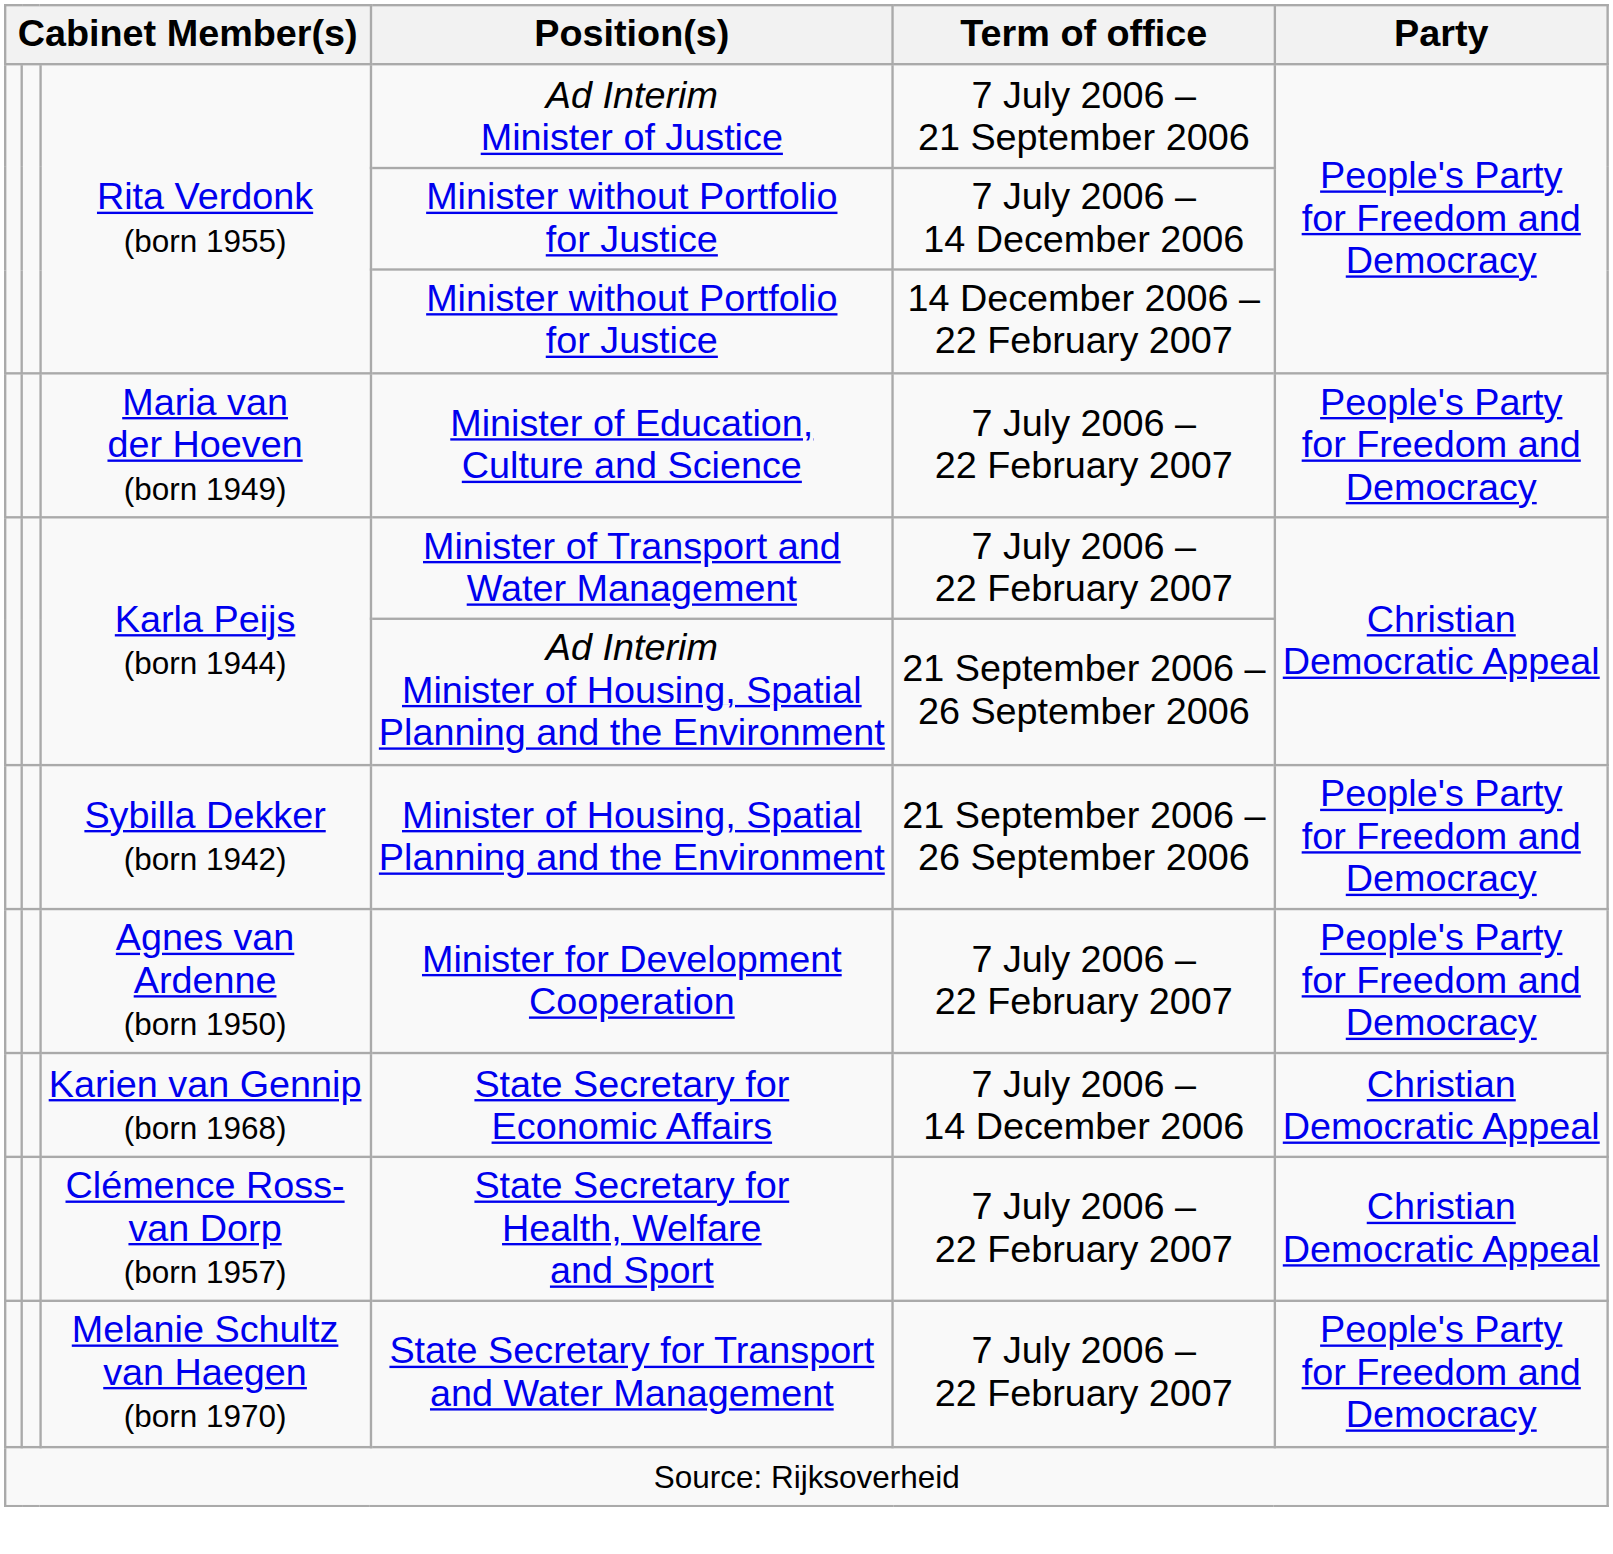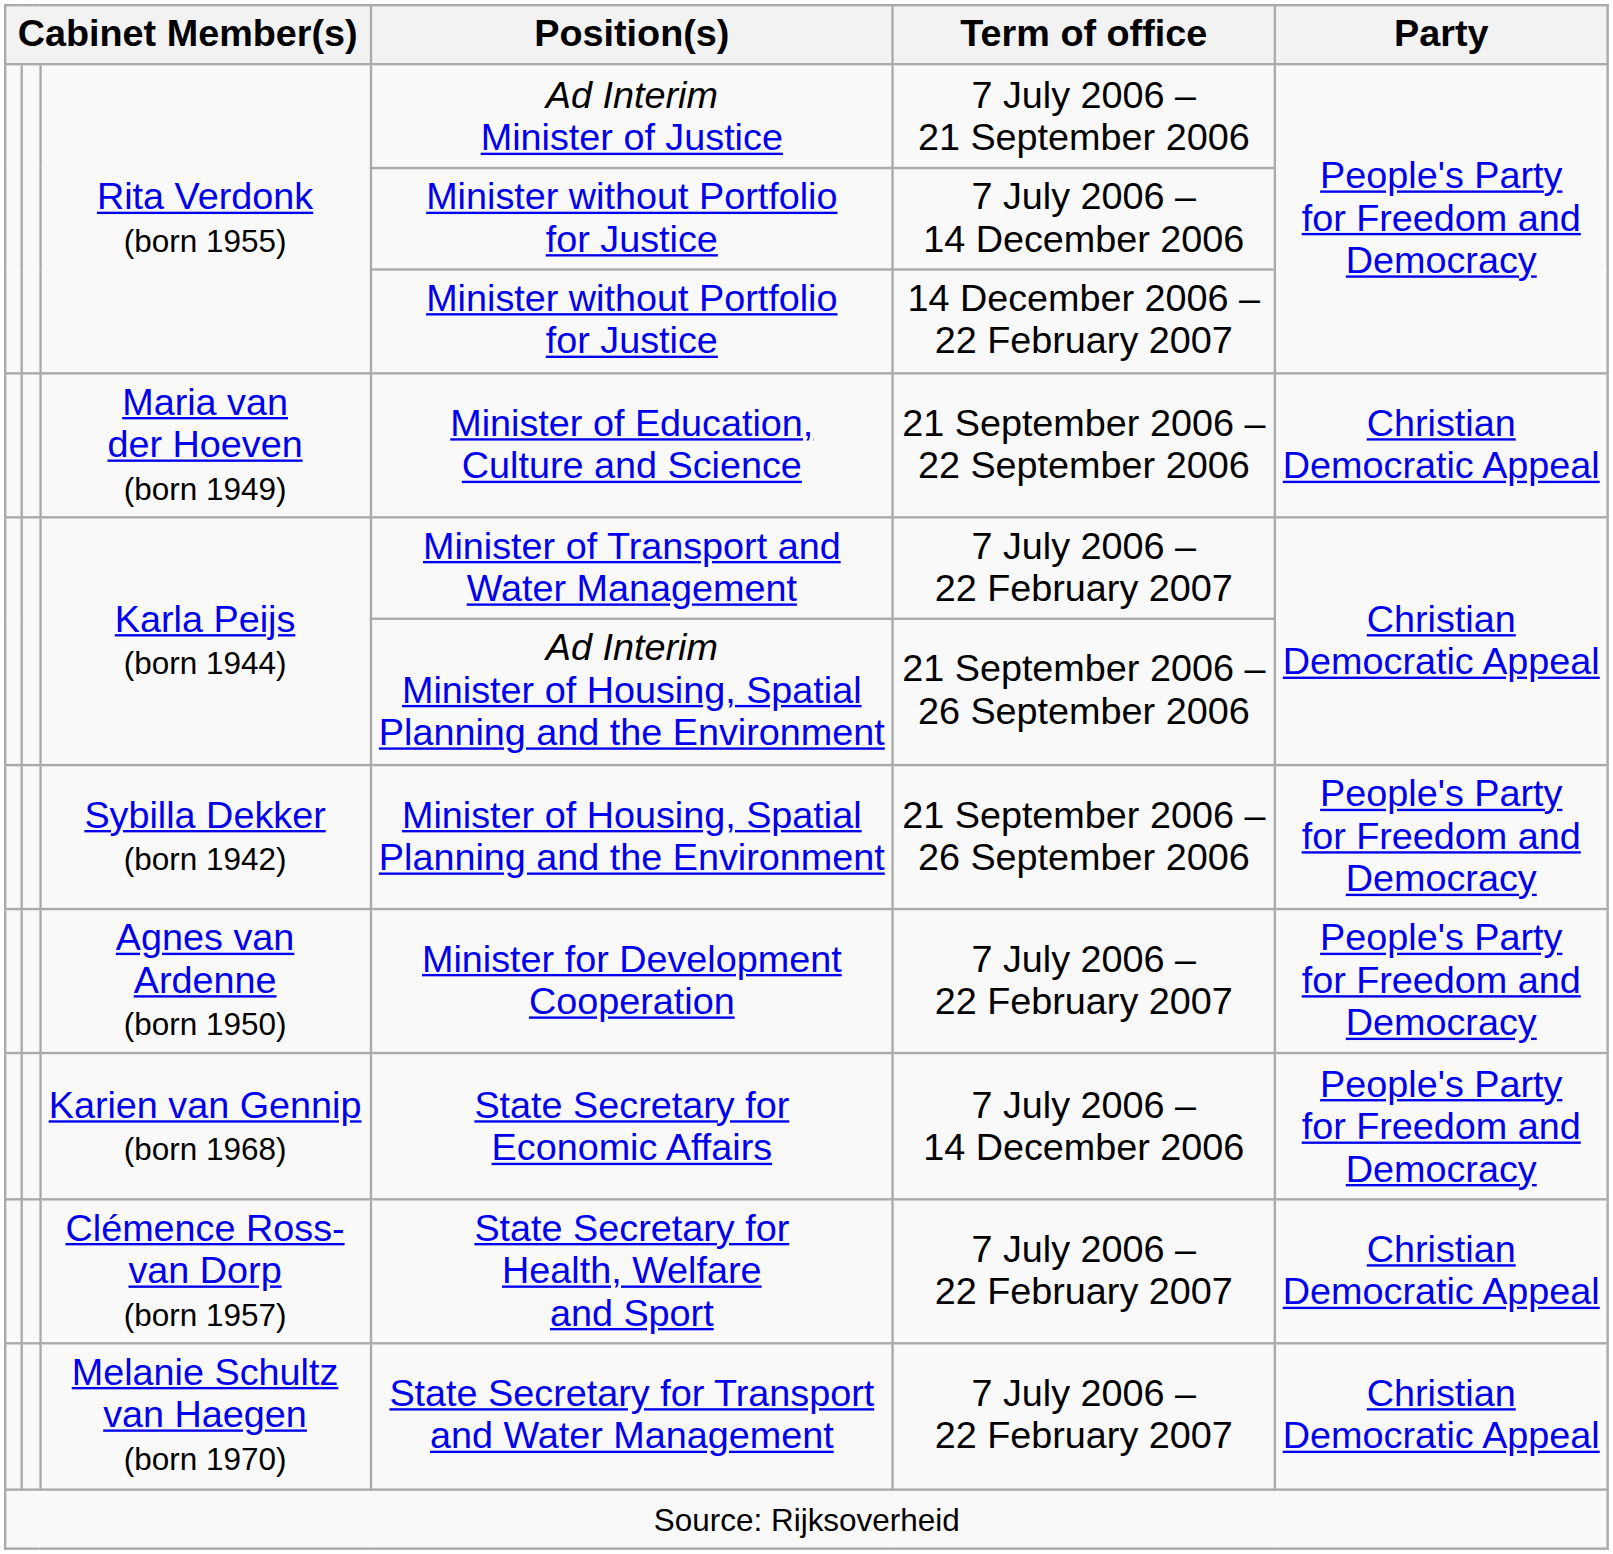 <table class="wikitable" style="text-align:center">
 <tr>
 <th colspan=3>Cabinet Member(s)</th>
 <th>Position(s)</th>
 <th>Term of office</th>
 <th>Party</th>
 </tr>
 <tr>
 <td rowspan=3 style="background:"></td>
 <td rowspan=3></td>
 <td rowspan=3><a href='#'>Rita Verdonk</a> <br> <small>(born 1955)</small></td>
 <td><em>Ad Interim</em> <br> <a href='#'>Minister of Justice</a></td>
 <td>7 July 2006 – <br> 21 September 2006</td>
 <td rowspan=3><a href='#'>People's Party <br> for Freedom and <br> Democracy</a></td>
 </tr>
 <tr>
 <td><a href='#'>Minister without Portfolio <br> for Justice</a></td>
 <td>7 July 2006 – <br> 14 December 2006</td>
 </tr>
 <tr>
 <td><a href='#'>Minister without Portfolio <br> for Justice</a></td>
 <td>14 December 2006 – <br> 22 February 2007</td>
 </tr>
 <tr>
 <td style="background:"></td>
 <td></td>
 <td><a href='#'>Maria van <br> der Hoeven</a> <br> <small>(born 1949)</small></td>
 <td><a href='#'>Minister of Education, <br> Culture and Science</a></td>
-<td>7 July 2006 – <br> 22 February 2007</td>
-<td><a href='#'>People's Party <br> for Freedom and <br> Democracy</a></td>
+<td>21 September 2006 – <br> 22 September 2006</td>
+<td><a href='#'>Christian <br> Democratic Appeal</a></td>
 </tr>
 <tr>
 <td rowspan=2 style="background:"></td>
 <td rowspan=2></td>
 <td rowspan=2><a href='#'>Karla Peijs</a> <br> <small>(born 1944)</small></td>
 <td><a href='#'>Minister of Transport and <br> Water Management</a></td>
 <td>7 July 2006 – <br> 22 February 2007</td>
 <td rowspan=2><a href='#'>Christian <br> Democratic Appeal</a></td>
 </tr>
 <tr>
 <td><em>Ad Interim</em> <br> <a href='#'>Minister of Housing, Spatial <br> Planning and the Environment</a></td>
 <td>21 September 2006 – <br> 26 September 2006</td>
 </tr>
 <tr>
 <td style="background:"></td>
 <td></td>
 <td><a href='#'>Sybilla Dekker</a> <br> <small>(born 1942)</small></td>
 <td><a href='#'>Minister of Housing, Spatial <br> Planning and the Environment</a></td>
 <td>21 September 2006 – <br> 26 September 2006</td>
 <td><a href='#'>People's Party <br> for Freedom and <br> Democracy</a></td>
 </tr>
 <tr>
 <td style="background:"></td>
 <td></td>
 <td><a href='#'>Agnes van <br> Ardenne</a> <br> <small>(born 1950)</small></td>
 <td><a href='#'>Minister for Development <br> Cooperation</a></td>
 <td>7 July 2006 – <br> 22 February 2007</td>
 <td><a href='#'>People's Party <br> for Freedom and <br> Democracy</a></td>
 </tr>
 <tr>
 <td style="background:"></td>
 <td></td>
 <td><a href='#'>Karien van Gennip</a> <br> <small>(born 1968)</small></td>
 <td><a href='#'>State Secretary for <br> Economic Affairs</a></td>
 <td>7 July 2006 – <br> 14 December 2006</td>
-<td><a href='#'>Christian <br> Democratic Appeal</a></td>
+<td><a href='#'>People's Party <br> for Freedom and <br> Democracy</a></td>
 </tr>
 <tr>
 <td style="background:"></td>
 <td></td>
 <td><a href='#'>Clémence Ross-<br>van Dorp</a> <br> <small>(born 1957)</small></td>
 <td><a href='#'>State Secretary for <br> Health, Welfare <br> and Sport</a></td>
 <td>7 July 2006 – <br> 22 February 2007</td>
 <td><a href='#'>Christian <br> Democratic Appeal</a></td>
 </tr>
 <tr>
 <td style="background:"></td>
 <td></td>
 <td><a href='#'>Melanie Schultz <br> van Haegen</a> <br> <small>(born 1970)</small></td>
 <td><a href='#'>State Secretary for Transport <br> and Water Management</a></td>
 <td>7 July 2006 – <br> 22 February 2007</td>
-<td><a href='#'>People's Party <br> for Freedom and <br> Democracy</a></td>
+<td><a href='#'>Christian <br> Democratic Appeal</a></td>
 </tr>
 <tr>
 <td colspan=9><small>Source:   Rijksoverheid</small></td>
 </tr>
 </table>
